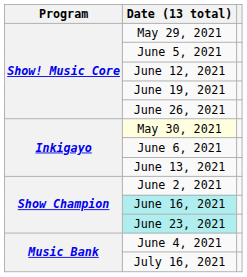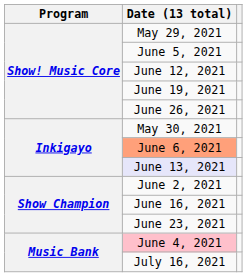 <table class="sortable wikitable plainrowheaders" style="text-align:center;">
 <tr>
 <th>Program</th>
 <th width="120">Date (13 total)</th>
 <th class="unsortable"></th>
 </tr>
 <tr>
 <th scope="row" rowspan="5"><em><a href='#'>Show! Music Core</a></em></th>
 <td>May 29, 2021</td>
 <td></td>
 </tr>
 <tr>
 <td>June 5, 2021</td>
 <td></td>
 </tr>
 <tr>
 <td>June 12, 2021</td>
 <td></td>
 </tr>
 <tr>
 <td>June 19, 2021</td>
 <td></td>
 </tr>
 <tr>
 <td>June 26, 2021</td>
 <td></td>
 </tr>
 <tr>
 <th scope="row" rowspan="3"><em><a href='#'>Inkigayo</a></em></th>
-<td style="background: lightyellow;">May 30, 2021</td>
+<td>May 30, 2021</td>
 <td></td>
 </tr>
 <tr>
-<td>June 6, 2021</td>
+<td style="background: lightsalmon;">June 6, 2021</td>
 <td></td>
 </tr>
 <tr>
-<td>June 13, 2021</td>
+<td style="background: lavender;">June 13, 2021</td>
 <td></td>
 </tr>
 <tr>
 <th scope="row" rowspan="3"><em><a href='#'>Show Champion</a></em></th>
 <td>June 2, 2021</td>
 <td></td>
 </tr>
 <tr>
-<td style="background: paleturquoise;">June 16, 2021</td>
+<td>June 16, 2021</td>
 <td></td>
 </tr>
 <tr>
-<td style="background: paleturquoise;">June 23, 2021</td>
+<td>June 23, 2021</td>
 <td></td>
 </tr>
 <tr>
 <th scope="row" rowspan="2"><em><a href='#'>Music Bank</a></em></th>
-<td>June 4, 2021</td>
+<td style="background: pink;">June 4, 2021</td>
 <td></td>
 </tr>
 <tr>
 <td>July 16, 2021</td>
 <td></td>
 </tr>
 </table>
